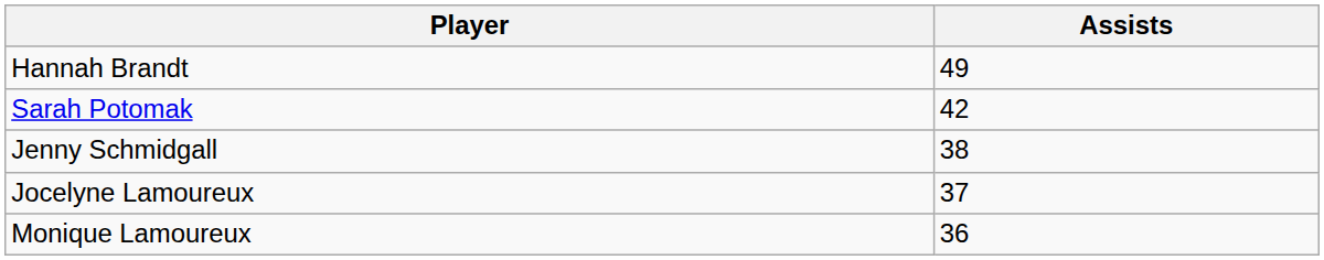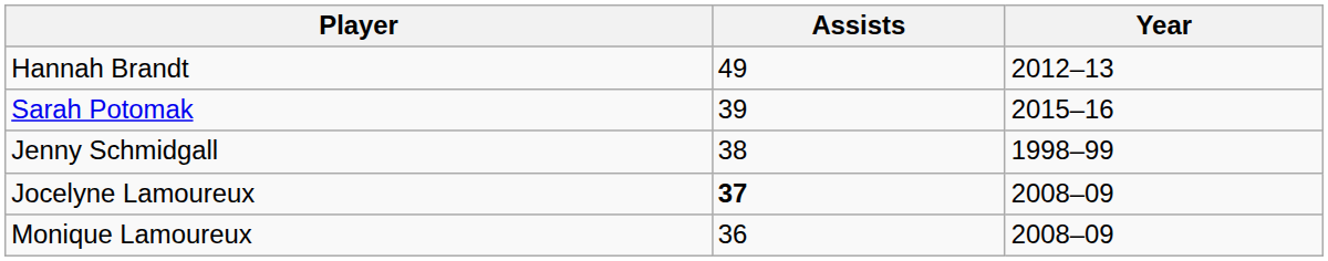 <table class="wikitable" style="width: 50em">
 <tr>
 <th>Player</th>
 <th>Assists</th>
+<th>Year</th>
 </tr>
 <tr>
 <td>Hannah Brandt</td>
 <td>49</td>
+<td>2012–13</td>
 </tr>
 <tr>
 <td><a href='#'>Sarah Potomak</a></td>
-<td>42</td>
+<td>39</td>
+<td>2015–16</td>
 </tr>
 <tr>
 <td>Jenny Schmidgall</td>
 <td>38</td>
+<td>1998–99</td>
 </tr>
 <tr>
 <td>Jocelyne Lamoureux</td>
-<td>37</td>
+<td><strong>37</strong></td>
+<td>2008–09</td>
 </tr>
 <tr>
 <td>Monique Lamoureux</td>
 <td>36</td>
+<td>2008–09</td>
 </tr>
 </table>
